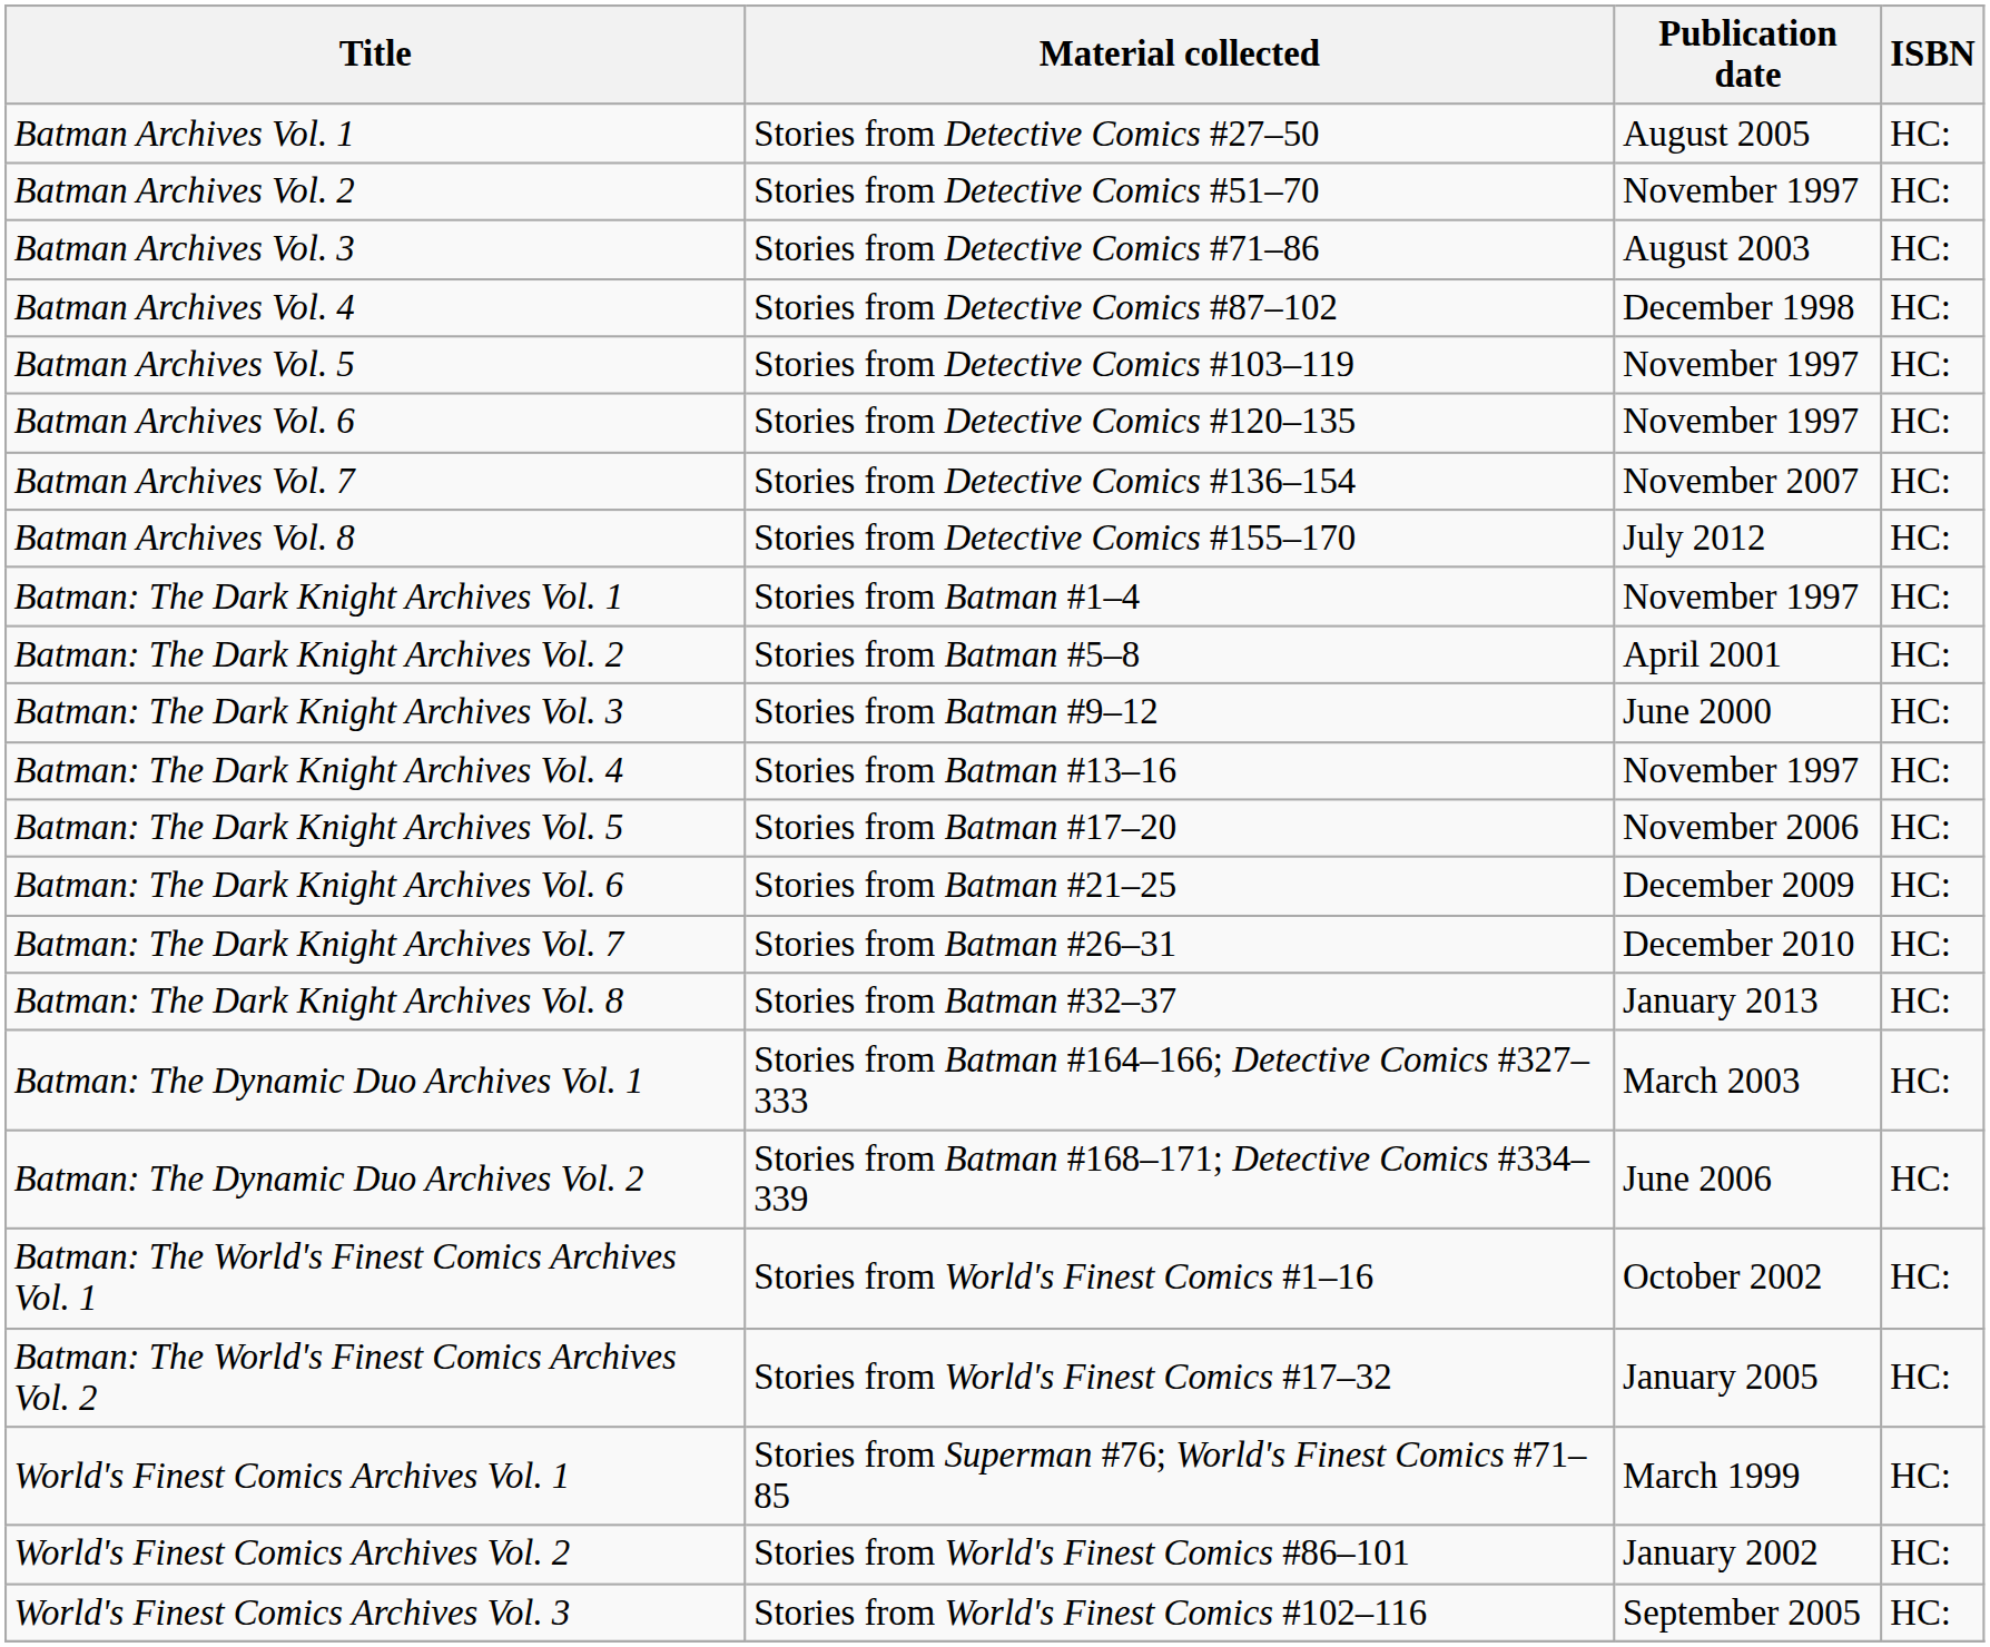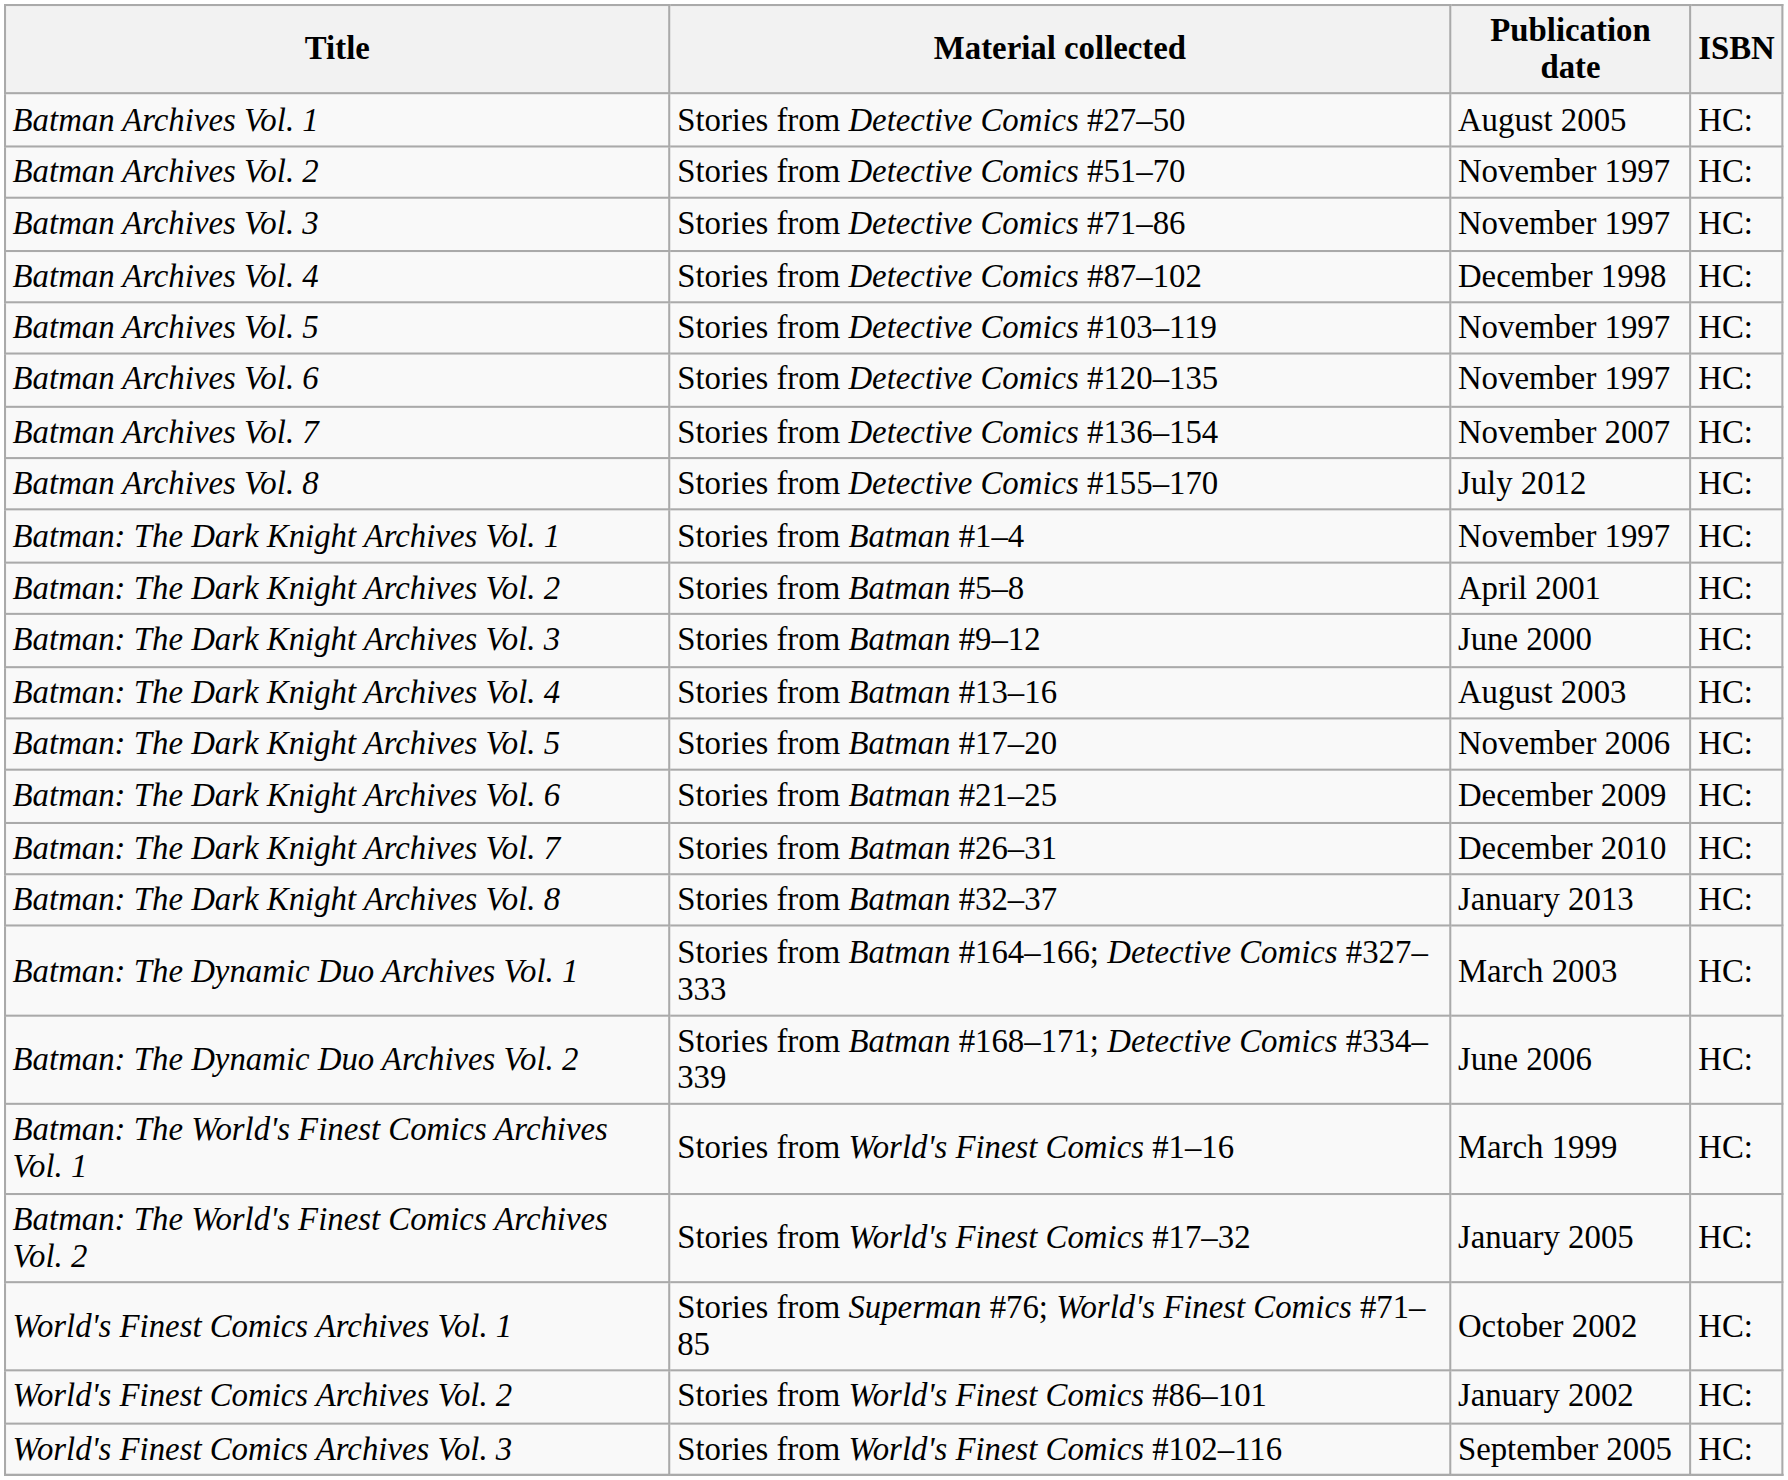 <table class="wikitable collapsible">
 <tr>
 <th>Title</th>
 <th>Material collected</th>
 <th>Publication date</th>
 <th>ISBN</th>
 </tr>
 <tr>
 <td><em>Batman Archives Vol. 1</em></td>
 <td>Stories from <em>Detective Comics</em> #27–50</td>
 <td>August 2005</td>
 <td>HC: </td>
 </tr>
 <tr>
 <td><em>Batman Archives Vol. 2</em></td>
 <td>Stories from <em>Detective Comics</em> #51–70</td>
 <td>November 1997</td>
 <td>HC: </td>
 </tr>
 <tr>
 <td><em>Batman Archives Vol. 3</em></td>
 <td>Stories from <em>Detective Comics</em> #71–86</td>
-<td>August 2003</td>
+<td>November 1997</td>
 <td>HC: </td>
 </tr>
 <tr>
 <td><em>Batman Archives Vol. 4</em></td>
 <td>Stories from <em>Detective Comics</em> #87–102</td>
 <td>December 1998</td>
 <td>HC: </td>
 </tr>
 <tr>
 <td><em>Batman Archives Vol. 5</em></td>
 <td>Stories from <em>Detective Comics</em> #103–119</td>
 <td>November 1997</td>
 <td>HC: </td>
 </tr>
 <tr>
 <td><em>Batman Archives Vol. 6</em></td>
 <td>Stories from <em>Detective Comics</em> #120–135</td>
 <td>November 1997</td>
 <td>HC: </td>
 </tr>
 <tr>
 <td><em>Batman Archives Vol. 7</em></td>
 <td>Stories from <em>Detective Comics</em> #136–154</td>
 <td>November 2007</td>
 <td>HC: </td>
 </tr>
 <tr>
 <td><em>Batman Archives Vol. 8</em></td>
 <td>Stories from <em>Detective Comics</em> #155–170</td>
 <td>July 2012</td>
 <td>HC: </td>
 </tr>
 <tr>
 <td><em>Batman: The Dark Knight Archives Vol. 1</em></td>
 <td>Stories from <em>Batman</em> #1–4</td>
 <td>November 1997</td>
 <td>HC: </td>
 </tr>
 <tr>
 <td><em>Batman: The Dark Knight Archives Vol. 2</em></td>
 <td>Stories from <em>Batman</em> #5–8</td>
 <td>April 2001</td>
 <td>HC: </td>
 </tr>
 <tr>
 <td><em>Batman: The Dark Knight Archives Vol. 3</em></td>
 <td>Stories from <em>Batman</em> #9–12</td>
 <td>June 2000</td>
 <td>HC: </td>
 </tr>
 <tr>
 <td><em>Batman: The Dark Knight Archives Vol. 4</em></td>
 <td>Stories from <em>Batman</em> #13–16</td>
-<td>November 1997</td>
+<td>August 2003</td>
 <td>HC: </td>
 </tr>
 <tr>
 <td><em>Batman: The Dark Knight Archives Vol. 5</em></td>
 <td>Stories from <em>Batman</em> #17–20</td>
 <td>November 2006</td>
 <td>HC: </td>
 </tr>
 <tr>
 <td><em>Batman: The Dark Knight Archives Vol. 6</em></td>
 <td>Stories from <em>Batman</em> #21–25</td>
 <td>December 2009</td>
 <td>HC: </td>
 </tr>
 <tr>
 <td><em>Batman: The Dark Knight Archives Vol. 7</em></td>
 <td>Stories from <em>Batman</em> #26–31</td>
 <td>December 2010</td>
 <td>HC: </td>
 </tr>
 <tr>
 <td><em>Batman: The Dark Knight Archives Vol. 8</em></td>
 <td>Stories from <em>Batman</em> #32–37</td>
 <td>January 2013</td>
 <td>HC: </td>
 </tr>
 <tr>
 <td><em>Batman: The Dynamic Duo Archives Vol. 1</em></td>
 <td>Stories from <em>Batman</em> #164–166; <em>Detective Comics</em> #327–333</td>
 <td>March 2003</td>
 <td>HC: </td>
 </tr>
 <tr>
 <td><em>Batman: The Dynamic Duo Archives Vol. 2</em></td>
 <td>Stories from <em>Batman</em> #168–171; <em>Detective Comics</em> #334–339</td>
 <td>June 2006</td>
 <td>HC: </td>
 </tr>
 <tr>
 <td><em>Batman: The World's Finest Comics Archives Vol. 1</em></td>
 <td>Stories from <em>World's Finest Comics</em> #1–16</td>
-<td>October 2002</td>
+<td>March 1999</td>
 <td>HC: </td>
 </tr>
 <tr>
 <td><em>Batman: The World's Finest Comics Archives Vol. 2</em></td>
 <td>Stories from <em>World's Finest Comics</em> #17–32</td>
 <td>January 2005</td>
 <td>HC: </td>
 </tr>
 <tr>
 <td><em>World's Finest Comics Archives Vol. 1</em></td>
 <td>Stories from <em>Superman</em> #76; <em>World's Finest Comics</em> #71–85</td>
-<td>March 1999</td>
+<td>October 2002</td>
 <td>HC: </td>
 </tr>
 <tr>
 <td><em>World's Finest Comics Archives Vol. 2</em></td>
 <td>Stories from <em>World's Finest Comics</em> #86–101</td>
 <td>January 2002</td>
 <td>HC: </td>
 </tr>
 <tr>
 <td><em>World's Finest Comics Archives Vol. 3</em></td>
 <td>Stories from <em>World's Finest Comics</em> #102–116</td>
 <td>September 2005</td>
 <td>HC: </td>
 </tr>
 <tr>
 </tr>
 </table>
